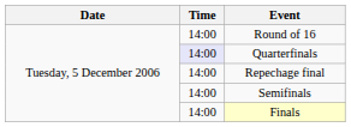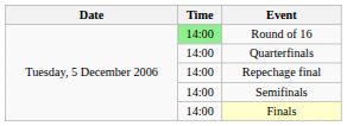 <table class = "wikitable" style="text-align:center;">
 <tr>
 <th width=220>Date</th>
 <th width=50>Time</th>
 <th width=150>Event</th>
 </tr>
 <tr>
 <td rowspan=5>Tuesday, 5 December 2006</td>
-<td>14:00</td>
+<td style="background: lightgreen;">14:00</td>
 <td>Round of 16</td>
 </tr>
 <tr>
-<td style="background: lavender;">14:00</td>
+<td>14:00</td>
 <td>Quarterfinals</td>
 </tr>
 <tr>
 <td>14:00</td>
 <td>Repechage final</td>
 </tr>
 <tr>
 <td>14:00</td>
 <td>Semifinals</td>
 </tr>
 <tr>
 <td>14:00</td>
 <td bgcolor=ffffcc>Finals</td>
 </tr>
 </table>
